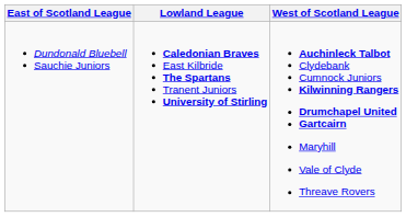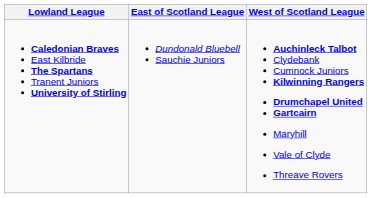 <table class="wikitable" style="text-align:left">
 <tr>
+<th><a href='#'>Lowland League</a></th>
 <th><a href='#'>East of Scotland League</a></th>
-<th><a href='#'>Lowland League</a></th>
 <th><a href='#'>West of Scotland League</a></th>
 </tr>
 <tr>
+<td valign=top><br><ul><li><strong><a href='#'>Caledonian Braves</a></strong></li><li><a href='#'>East Kilbride</a></li><li><strong><a href='#'>The Spartans</a></strong></li><li><a href='#'>Tranent Juniors</a></li><li><strong><a href='#'>University of Stirling</a></strong></li></ul></td>
 <td valign=top><br><ul><li><em><a href='#'>Dundonald Bluebell</a></em></li><li><a href='#'>Sauchie Juniors</a></li></ul></td>
-<td valign=top><br><ul><li><strong><a href='#'>Caledonian Braves</a></strong></li><li><a href='#'>East Kilbride</a></li><li><strong><a href='#'>The Spartans</a></strong></li><li><a href='#'>Tranent Juniors</a></li><li><strong><a href='#'>University of Stirling</a></strong></li></ul></td>
 <td valign=top><br><ul><li><strong><a href='#'>Auchinleck Talbot</a></strong></li><li><a href='#'>Clydebank</a></li><li><a href='#'>Cumnock Juniors</a></li><li><strong><a href='#'>Kilwinning Rangers</a></strong></li></ul><ul><li><strong><a href='#'>Drumchapel United</a></strong></li><li><strong><a href='#'>Gartcairn</a></strong></li></ul><ul><li><a href='#'>Maryhill</a></li></ul><ul><li><a href='#'>Vale of Clyde</a></li></ul><ul><li><a href='#'>Threave Rovers</a></li></ul></td>
 </tr>
 </table>
